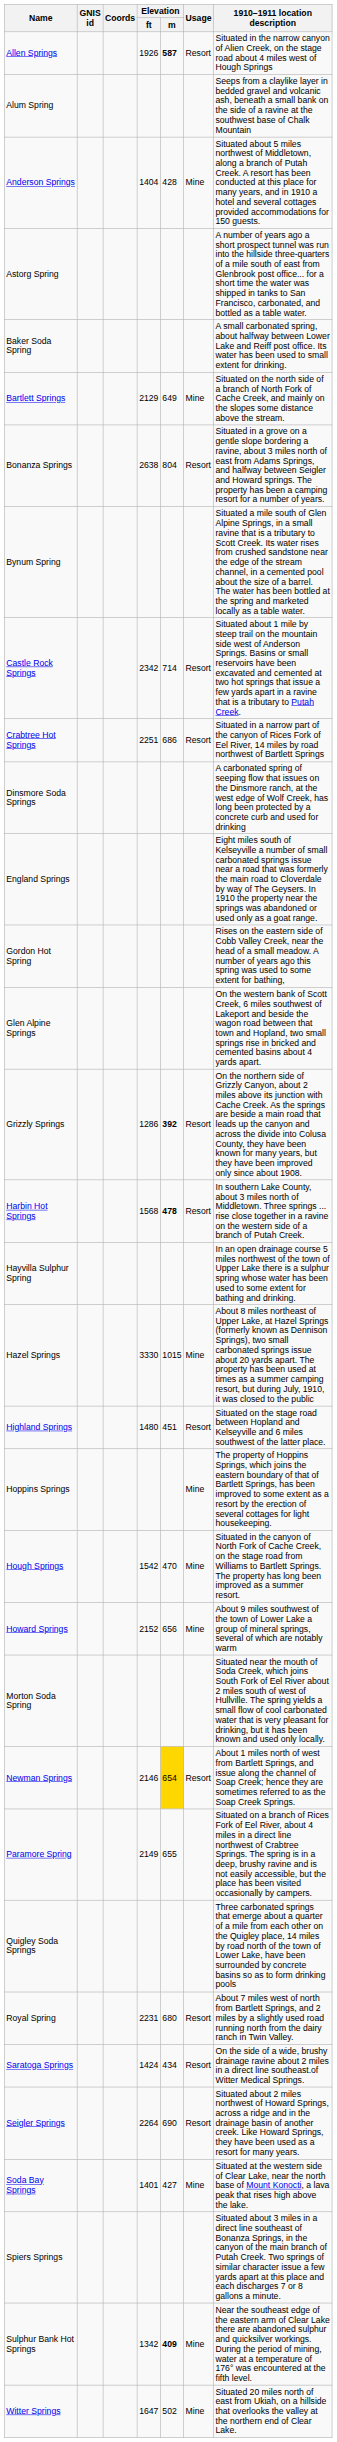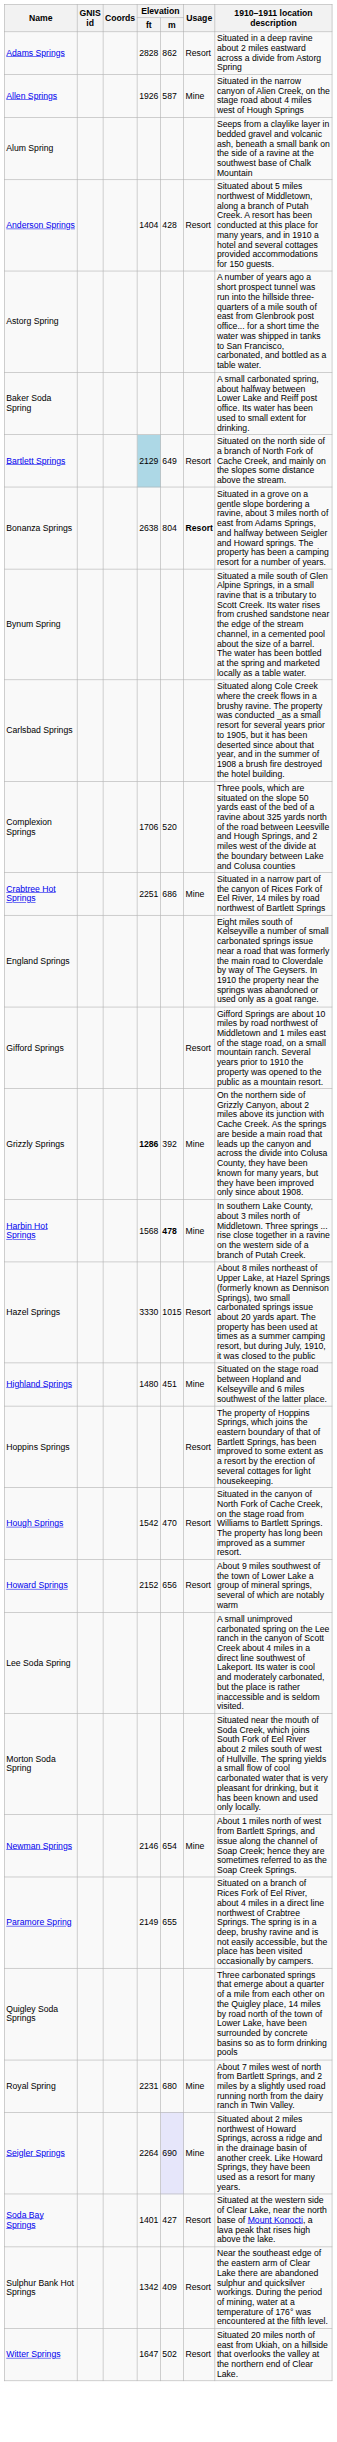 <table class="wikitable sortable">
 <tr>
 <th rowspan=2 style="width:8em;">Name</th>
 <th rowspan=2>GNIS id</th>
 <th rowspan=2>Coords</th>
 <th colspan=2>Elevation</th>
 <th rowspan=2>Usage</th>
 <th rowspan=2>1910–1911 location description</th>
 </tr>
 <tr>
 <th>ft</th>
 <th>m</th>
 </tr>
 <tr>
+<td><a href='#'>Adams Springs</a></td>
+<td></td>
+<td></td>
+<td>2828</td>
+<td>862</td>
+<td>Resort</td>
+<td>Situated in a deep ravine about 2 miles eastward across a divide from Astorg Spring</td>
+</tr>
+<tr>
 <td><a href='#'>Allen Springs</a></td>
 <td></td>
 <td></td>
 <td>1926</td>
-<td><strong>587</strong></td>
-<td>Resort</td>
+<td>587</td>
+<td>Mine</td>
 <td>Situated in the narrow canyon of Alien Creek, on the stage road about 4 miles west of Hough Springs</td>
 </tr>
 <tr>
 <td>Alum Spring</td>
 <td></td>
 <td></td>
 <td></td>
 <td></td>
 <td></td>
 <td>Seeps from a claylike layer in bedded gravel and volcanic ash, beneath a small bank on the side of a ravine at the southwest base of Chalk Mountain</td>
 </tr>
 <tr>
 <td><a href='#'>Anderson Springs</a></td>
 <td></td>
 <td></td>
 <td>1404</td>
 <td>428</td>
-<td>Mine</td>
+<td>Resort</td>
 <td>Situated about 5 miles northwest of Middletown, along a branch of Putah Creek. A resort has been conducted at this place for many years, and in 1910 a hotel and several cottages provided accommodations for 150 guests.</td>
 </tr>
 <tr>
 <td>Astorg Spring</td>
 <td></td>
 <td></td>
 <td></td>
 <td></td>
 <td></td>
 <td>A number of years ago a short prospect tunnel was run into the hillside three-quarters of a mile south of east from Glenbrook post office... for a short time the water was shipped in tanks to San Francisco, carbonated, and bottled as a table water.</td>
 </tr>
 <tr>
 <td>Baker Soda Spring</td>
 <td></td>
 <td></td>
 <td></td>
 <td></td>
 <td></td>
 <td>A small carbonated spring, about halfway between Lower Lake and Reiff post office. Its water has been used to small extent for drinking.</td>
 </tr>
 <tr>
 <td><a href='#'>Bartlett Springs</a></td>
 <td></td>
 <td></td>
-<td>2129</td>
+<td style="background: lightblue;">2129</td>
 <td>649</td>
-<td>Mine</td>
+<td>Resort</td>
 <td>Situated on the north side of a branch of North Fork of Cache Creek, and mainly on the slopes some distance above the stream.</td>
 </tr>
 <tr>
 <td>Bonanza Springs</td>
 <td></td>
 <td></td>
 <td>2638</td>
 <td>804</td>
-<td>Resort</td>
+<td><strong>Resort</strong></td>
 <td>Situated in a grove on a gentle slope bordering a ravine, about 3 miles north of east from Adams Springs, and halfway between Seigler and Howard springs. The property has been a camping resort for a number of years.</td>
 </tr>
 <tr>
 <td>Bynum Spring</td>
 <td></td>
 <td></td>
 <td></td>
 <td></td>
 <td></td>
 <td>Situated a mile south of Glen Alpine Springs, in a small ravine that is a tributary to Scott Creek. Its water rises from crushed sandstone near the edge of the stream channel, in a cemented pool about the size of a barrel. The water has been bottled at the spring and marketed locally as a table water.</td>
 </tr>
 <tr>
-<td><a href='#'>Castle Rock Springs</a></td>
+<td>Carlsbad Springs</td>
 <td></td>
 <td></td>
-<td>2342</td>
-<td>714</td>
-<td>Resort</td>
-<td>Situated about 1 mile by steep trail on the mountain side west of Anderson Springs. Basins or small reservoirs have been excavated and cemented at two hot springs that issue a few yards apart in a ravine that is a tributary to <a href='#'>Putah Creek</a>.</td>
+<td></td>
+<td></td>
+<td></td>
+<td>Situated along Cole Creek where the creek flows in a brushy ravine. The property was conducted _as a small resort for several years prior to 1905, but it has been deserted since about that year, and in the summer of 1908 a brush fire destroyed the hotel building.</td>
+</tr>
+<tr>
+<td>Complexion Springs</td>
+<td></td>
+<td></td>
+<td>1706</td>
+<td>520</td>
+<td></td>
+<td>Three pools, which are situated on the slope 50 yards east of the bed of a ravine about 325 yards north of the road between Leesville and Hough Springs, and 2 miles west of the divide at the boundary between Lake and Colusa counties</td>
 </tr>
 <tr>
 <td><a href='#'>Crabtree Hot Springs</a></td>
 <td></td>
 <td></td>
 <td>2251</td>
 <td>686</td>
-<td>Resort</td>
+<td>Mine</td>
 <td>Situated in a narrow part of the canyon of Rices Fork of Eel River, 14 miles by road northwest of Bartlett Springs</td>
-</tr>
-<tr>
-<td>Dinsmore Soda Springs</td>
-<td></td>
-<td></td>
-<td></td>
-<td></td>
-<td></td>
-<td>A carbonated spring of seeping flow that issues on the Dinsmore ranch, at the west edge of Wolf Creek, has long been protected by a concrete curb and used for drinking</td>
 </tr>
 <tr>
 <td>England Springs</td>
 <td></td>
 <td></td>
 <td></td>
 <td></td>
 <td></td>
 <td>Eight miles south of Kelseyville a number of small carbonated springs issue near a road that was formerly the main road to Cloverdale by way of The Geysers. In 1910 the property near the springs was abandoned or used only as a goat range.</td>
 </tr>
 <tr>
-<td>Gordon Hot Spring</td>
+<td>Gifford Springs</td>
 <td></td>
 <td></td>
 <td></td>
 <td></td>
-<td></td>
-<td>Rises on the eastern side of Cobb Valley Creek, near the head of a small meadow. A number of years ago this spring was used to some extent for bathing,</td>
-</tr>
-<tr>
-<td>Glen Alpine Springs</td>
-<td></td>
-<td></td>
-<td></td>
-<td></td>
-<td></td>
-<td>On the western bank of Scott Creek, 6 miles southwest of Lakeport and beside the wagon road between that town and Hopland, two small springs rise in bricked and cemented basins about 4 yards apart.</td>
+<td>Resort</td>
+<td>Gifford Springs are about 10 miles by road northwest of Middletown and 1 miles east of the stage road, on a small mountain ranch. Several years prior to 1910 the property was opened to the public as a mountain resort.</td>
 </tr>
 <tr>
 <td>Grizzly Springs</td>
 <td></td>
 <td></td>
-<td>1286</td>
-<td><strong>392</strong></td>
-<td>Resort</td>
+<td><strong>1286</strong></td>
+<td>392</td>
+<td>Mine</td>
 <td>On the northern side of Grizzly Canyon, about 2 miles above its junction with Cache Creek. As the springs are beside a main road that leads up the canyon and across the divide into Colusa County, they have been known for many years, but they have been improved only since about 1908.</td>
 </tr>
 <tr>
 <td><a href='#'>Harbin Hot Springs</a></td>
 <td></td>
 <td></td>
 <td>1568</td>
 <td><strong>478</strong></td>
-<td>Resort</td>
+<td>Mine</td>
 <td>In southern Lake County, about 3  miles north of Middletown. Three springs ... rise close together in a ravine on the western side of a branch of Putah Creek.</td>
-</tr>
-<tr>
-<td>Hayvilla Sulphur Spring</td>
-<td></td>
-<td></td>
-<td></td>
-<td></td>
-<td></td>
-<td>In an open drainage course 5 miles northwest of the town of Upper Lake there is a sulphur spring whose water has been used to some extent for bathing and drinking.</td>
 </tr>
 <tr>
 <td>Hazel Springs</td>
 <td></td>
 <td></td>
 <td>3330</td>
 <td>1015</td>
-<td>Mine</td>
+<td>Resort</td>
 <td>About 8 miles northeast of Upper Lake, at Hazel Springs (formerly known as Dennison Springs), two small carbonated springs issue about 20 yards apart. The property has been used at times as a summer camping resort, but during July, 1910, it was closed to the public</td>
 </tr>
 <tr>
 <td><a href='#'>Highland Springs</a></td>
 <td></td>
 <td></td>
 <td>1480</td>
 <td>451</td>
-<td>Resort</td>
+<td>Mine</td>
 <td>Situated on the stage road between Hopland and Kelseyville and 6 miles southwest of the latter place.</td>
 </tr>
 <tr>
 <td>Hoppins Springs</td>
 <td></td>
 <td></td>
 <td></td>
 <td></td>
-<td>Mine</td>
+<td>Resort</td>
 <td>The property of Hoppins Springs, which joins the eastern boundary of that of Bartlett Springs, has been improved to some extent as a resort by the erection of several cottages for light housekeeping.</td>
 </tr>
 <tr>
 <td><a href='#'>Hough Springs</a></td>
 <td></td>
 <td></td>
 <td>1542</td>
 <td>470</td>
-<td>Mine</td>
+<td>Resort</td>
 <td>Situated in the canyon of North Fork of Cache Creek, on the stage road from Williams to Bartlett Springs. The property has long been improved as a summer resort.</td>
 </tr>
 <tr>
 <td><a href='#'>Howard Springs</a></td>
 <td></td>
 <td></td>
 <td>2152</td>
 <td>656</td>
-<td>Mine</td>
+<td>Resort</td>
 <td>About 9 miles southwest of the town of Lower Lake a group of mineral springs, several of which are notably warm</td>
+</tr>
+<tr>
+<td>Lee Soda Spring</td>
+<td></td>
+<td></td>
+<td></td>
+<td></td>
+<td></td>
+<td>A small unimproved carbonated spring on the Lee ranch in the canyon of Scott Creek about 4 miles in a direct line southwest of Lakeport. Its water is cool and moderately carbonated, but the place is rather inaccessible and is seldom visited.</td>
 </tr>
 <tr>
 <td>Morton Soda Spring</td>
 <td></td>
 <td></td>
 <td></td>
 <td></td>
 <td></td>
 <td>Situated near the mouth of Soda Creek, which joins South Fork of Eel River about 2 miles south of west of Hullville. The spring yields a small flow of cool carbonated water that is very pleasant for drinking, but it has been known and used only locally.</td>
 </tr>
 <tr>
 <td><a href='#'>Newman Springs</a></td>
 <td></td>
 <td></td>
 <td>2146</td>
-<td style="background: gold;">654</td>
-<td>Resort</td>
+<td>654</td>
+<td>Mine</td>
 <td>About 1 miles north of west from Bartlett Springs, and issue along the channel of Soap Creek; hence they are sometimes referred to as the Soap Creek Springs.</td>
 </tr>
 <tr>
 <td><a href='#'>Paramore Spring</a> </td>
 <td></td>
 <td></td>
 <td>2149</td>
 <td>655</td>
 <td></td>
 <td>Situated on a branch of Rices Fork of Eel River, about 4 miles in a direct line northwest of Crabtree Springs. The spring is in a deep, brushy ravine and is not easily accessible, but the place has been visited occasionally by campers.</td>
 </tr>
 <tr>
 <td>Quigley Soda Springs</td>
 <td></td>
 <td></td>
 <td></td>
 <td></td>
 <td></td>
 <td>Three carbonated springs that emerge about a quarter of a mile from each other on the Quigley place, 14 miles by road north of the town of Lower Lake, have been surrounded by concrete basins so as to form drinking pools</td>
 </tr>
 <tr>
 <td>Royal Spring</td>
 <td></td>
 <td></td>
 <td>2231</td>
 <td>680</td>
-<td>Resort</td>
+<td>Mine</td>
 <td>About 7 miles west of north from Bartlett Springs, and 2 miles by a slightly used road running north from the dairy ranch in Twin Valley.</td>
-</tr>
-<tr>
-<td><a href='#'>Saratoga Springs</a></td>
-<td></td>
-<td></td>
-<td>1424</td>
-<td>434</td>
-<td>Resort</td>
-<td>On the side of a wide, brushy drainage ravine about 2 miles in a direct line southeast.of Witter Medical Springs.</td>
 </tr>
 <tr>
 <td><a href='#'>Seigler Springs</a></td>
 <td></td>
 <td></td>
 <td>2264</td>
-<td>690</td>
-<td>Resort</td>
+<td style="background: lavender;">690</td>
+<td>Mine</td>
 <td>Situated about 2 miles northwest of Howard Springs, across a ridge and in the drainage basin of another creek. Like Howard Springs, they have been used as a resort for many years.</td>
 </tr>
 <tr>
 <td><a href='#'>Soda Bay Springs</a></td>
 <td></td>
 <td></td>
 <td>1401</td>
 <td>427</td>
-<td>Mine</td>
+<td>Resort</td>
 <td>Situated at the western side of Clear Lake, near the north base of <a href='#'>Mount Konocti</a>, a lava peak that rises high above the lake.</td>
-</tr>
-<tr>
-<td>Spiers Springs</td>
-<td></td>
-<td></td>
-<td></td>
-<td></td>
-<td></td>
-<td>Situated about 3 miles in a direct line southeast of Bonanza Springs, in the canyon of the main branch of Putah Creek. Two springs of similar character issue a few yards apart at this place and each discharges 7 or 8 gallons a minute.</td>
 </tr>
 <tr>
 <td>Sulphur Bank Hot Springs</td>
 <td></td>
 <td></td>
 <td>1342</td>
-<td><strong>409</strong></td>
-<td>Mine</td>
+<td>409</td>
+<td>Resort</td>
 <td>Near the southeast edge of the eastern arm of Clear Lake there are abandoned sulphur and quicksilver workings. During the period of mining, water at a temperature of 176° was encountered at the fifth level.</td>
 </tr>
 <tr>
 <td><a href='#'>Witter Springs</a></td>
 <td></td>
 <td></td>
 <td>1647</td>
 <td>502</td>
-<td>Mine</td>
+<td>Resort</td>
 <td>Situated 20 miles north of east from Ukiah, on a hillside that overlooks the valley at the northern end of Clear Lake.</td>
 </tr>
 </table>
